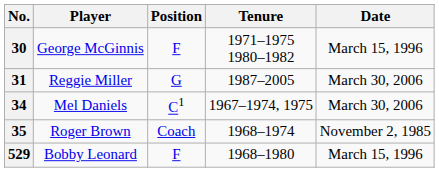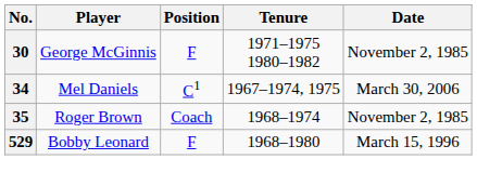 <table class="wikitable sortable" style="text-align:center">
 <tr>
 <th>No.</th>
 <th>Player</th>
 <th>Position</th>
 <th>Tenure</th>
 <th>Date</th>
 </tr>
 <tr>
 <th scope="col">30</th>
 <td><a href='#'>George McGinnis</a></td>
 <td><a href='#'>F</a></td>
 <td>1971–1975<br>1980–1982</td>
-<td>March 15, 1996</td>
-</tr>
-<tr>
-<th scope="col">31</th>
-<td><a href='#'>Reggie Miller</a></td>
-<td><a href='#'>G</a></td>
-<td>1987–2005</td>
-<td>March 30, 2006</td>
+<td>November 2, 1985</td>
 </tr>
 <tr>
 <th scope="col">34</th>
 <td><a href='#'>Mel Daniels</a></td>
 <td><a href='#'>C</a><sup>1</sup></td>
 <td>1967–1974, 1975</td>
 <td>March 30, 2006</td>
 </tr>
 <tr>
 <th scope="col">35</th>
 <td><a href='#'>Roger Brown</a></td>
 <td><a href='#'>Coach</a></td>
 <td>1968–1974</td>
 <td>November 2, 1985</td>
 </tr>
 <tr>
 <th scope="col">529</th>
 <td><a href='#'>Bobby Leonard</a></td>
 <td><a href='#'>F</a></td>
 <td>1968–1980</td>
 <td>March 15, 1996</td>
 </tr>
 </table>
